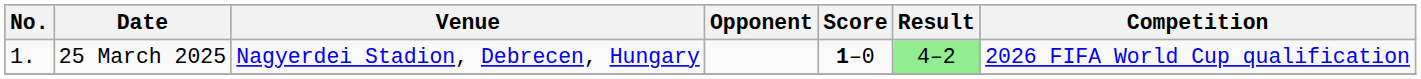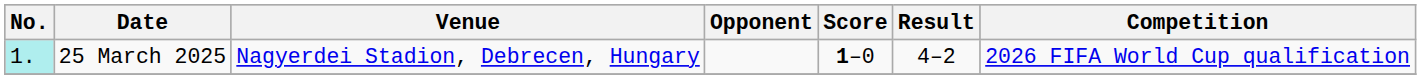 <table class="wikitable">
 <tr>
 <th>No.</th>
 <th>Date</th>
 <th>Venue</th>
 <th>Opponent</th>
 <th>Score</th>
 <th>Result</th>
 <th>Competition</th>
 </tr>
 <tr>
-<td>1.</td>
+<td style="background: paleturquoise;">1.</td>
 <td>25 March 2025</td>
 <td><a href='#'>Nagyerdei Stadion</a>, <a href='#'>Debrecen</a>, <a href='#'>Hungary</a></td>
 <td></td>
 <td align=center><strong>1</strong>–0</td>
-<td align=center style="background: lightgreen;">4–2</td>
+<td align=center>4–2</td>
 <td><a href='#'>2026 FIFA World Cup qualification</a></td>
 </tr>
 <tr>
 </tr>
 </table>
